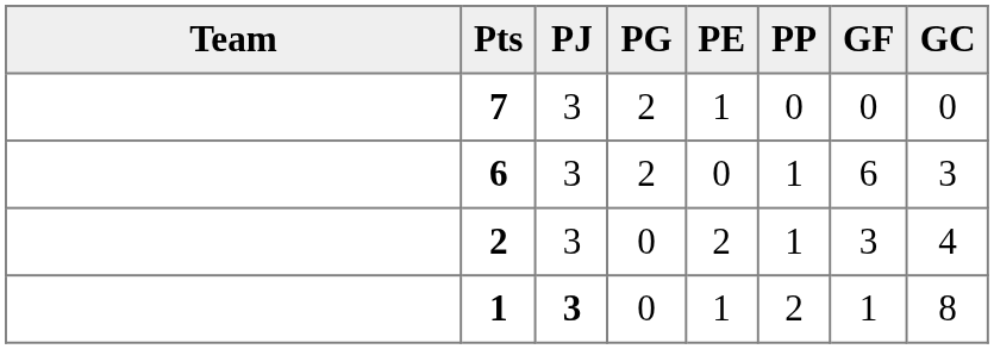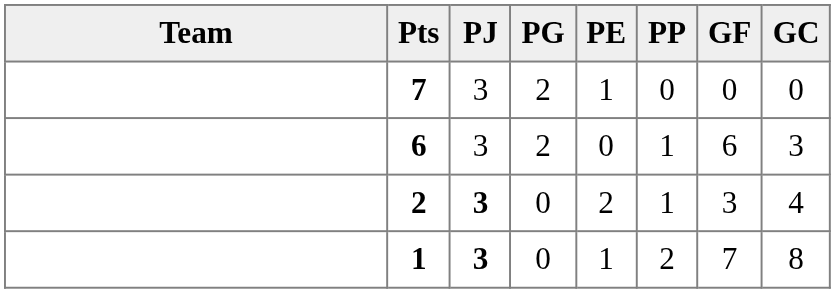 <table style=border-collapse:collapse border=1 cellspacing=0 cellpadding=5>
 <tr align=center bgcolor=#efefef>
 <th width=185>Team</th>
 <th width=20>Pts</th>
 <th width=20>PJ</th>
 <th width=20>PG</th>
 <th width=20>PE</th>
 <th width=20>PP</th>
 <th width=20>GF</th>
 <th width=20>GC</th>
 </tr>
 <tr align=center>
 <td style="text-align:left;"><strong></strong></td>
 <td><strong>7</strong></td>
 <td>3</td>
 <td>2</td>
 <td>1</td>
 <td>0</td>
 <td>0</td>
 <td>0</td>
 </tr>
 <tr align=center>
 <td style="text-align:left;"></td>
 <td><strong>6</strong></td>
 <td>3</td>
 <td>2</td>
 <td>0</td>
 <td>1</td>
 <td>6</td>
 <td>3</td>
 </tr>
 <tr align=center>
 <td style="text-align:left;"></td>
 <td><strong>2</strong></td>
-<td>3</td>
+<td><strong>3</strong></td>
 <td>0</td>
 <td>2</td>
 <td>1</td>
 <td>3</td>
 <td>4</td>
 </tr>
 <tr align=center>
 <td style="text-align:left;"></td>
 <td><strong>1</strong></td>
 <td><strong>3</strong></td>
 <td>0</td>
 <td>1</td>
 <td>2</td>
-<td>1</td>
+<td>7</td>
 <td>8</td>
 </tr>
 </table>
